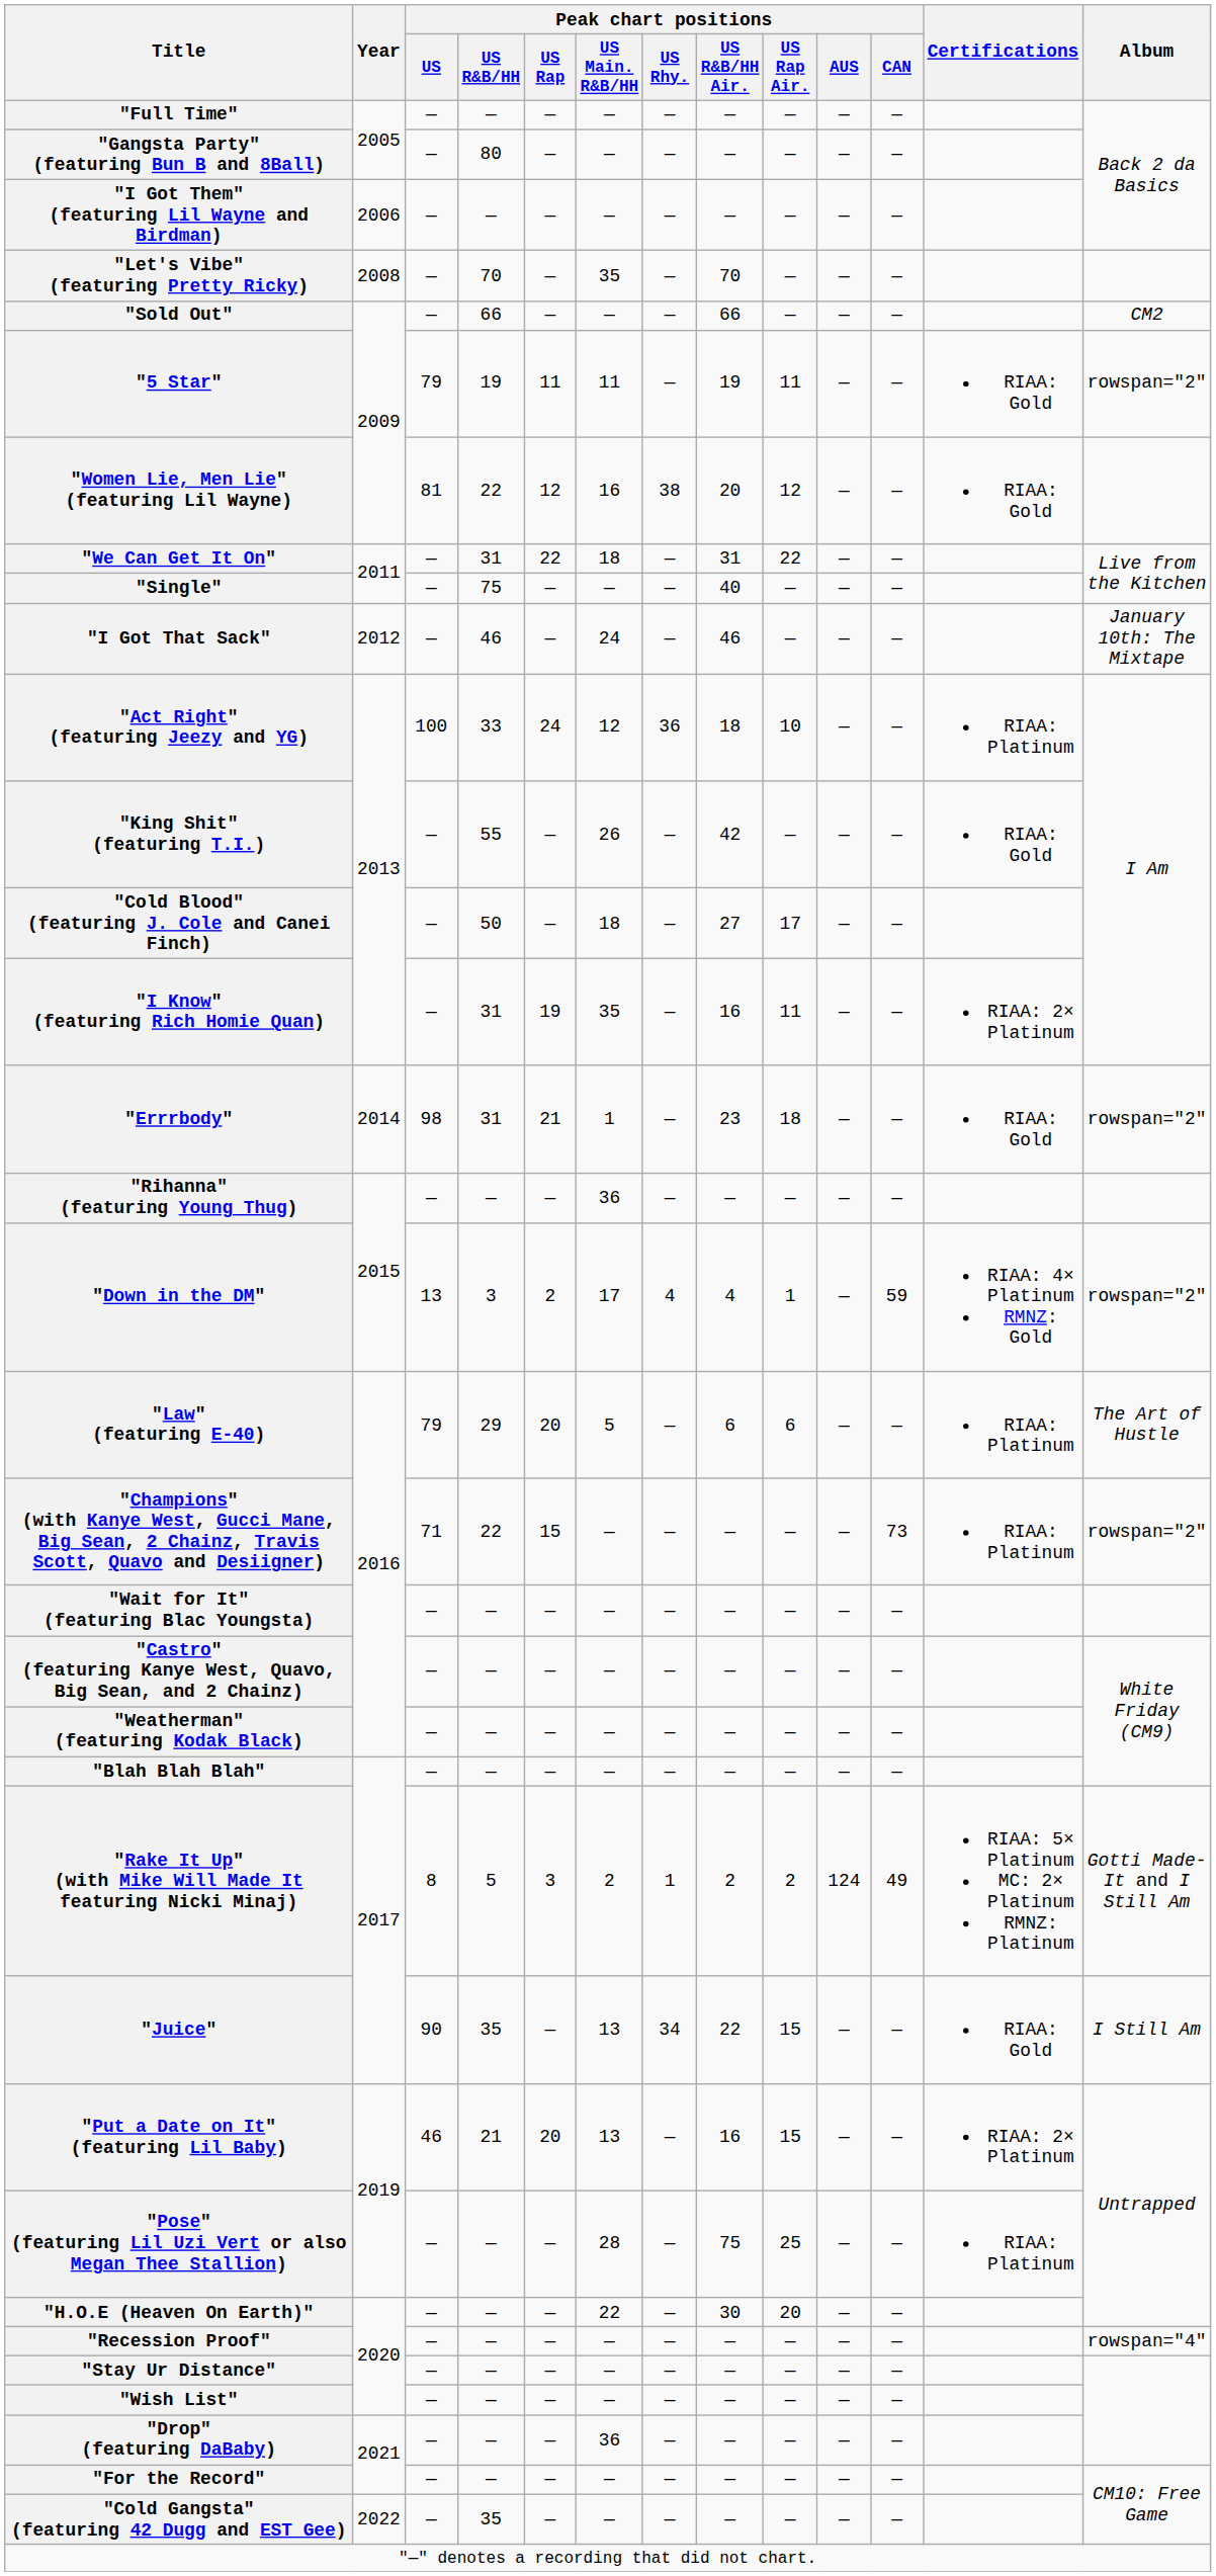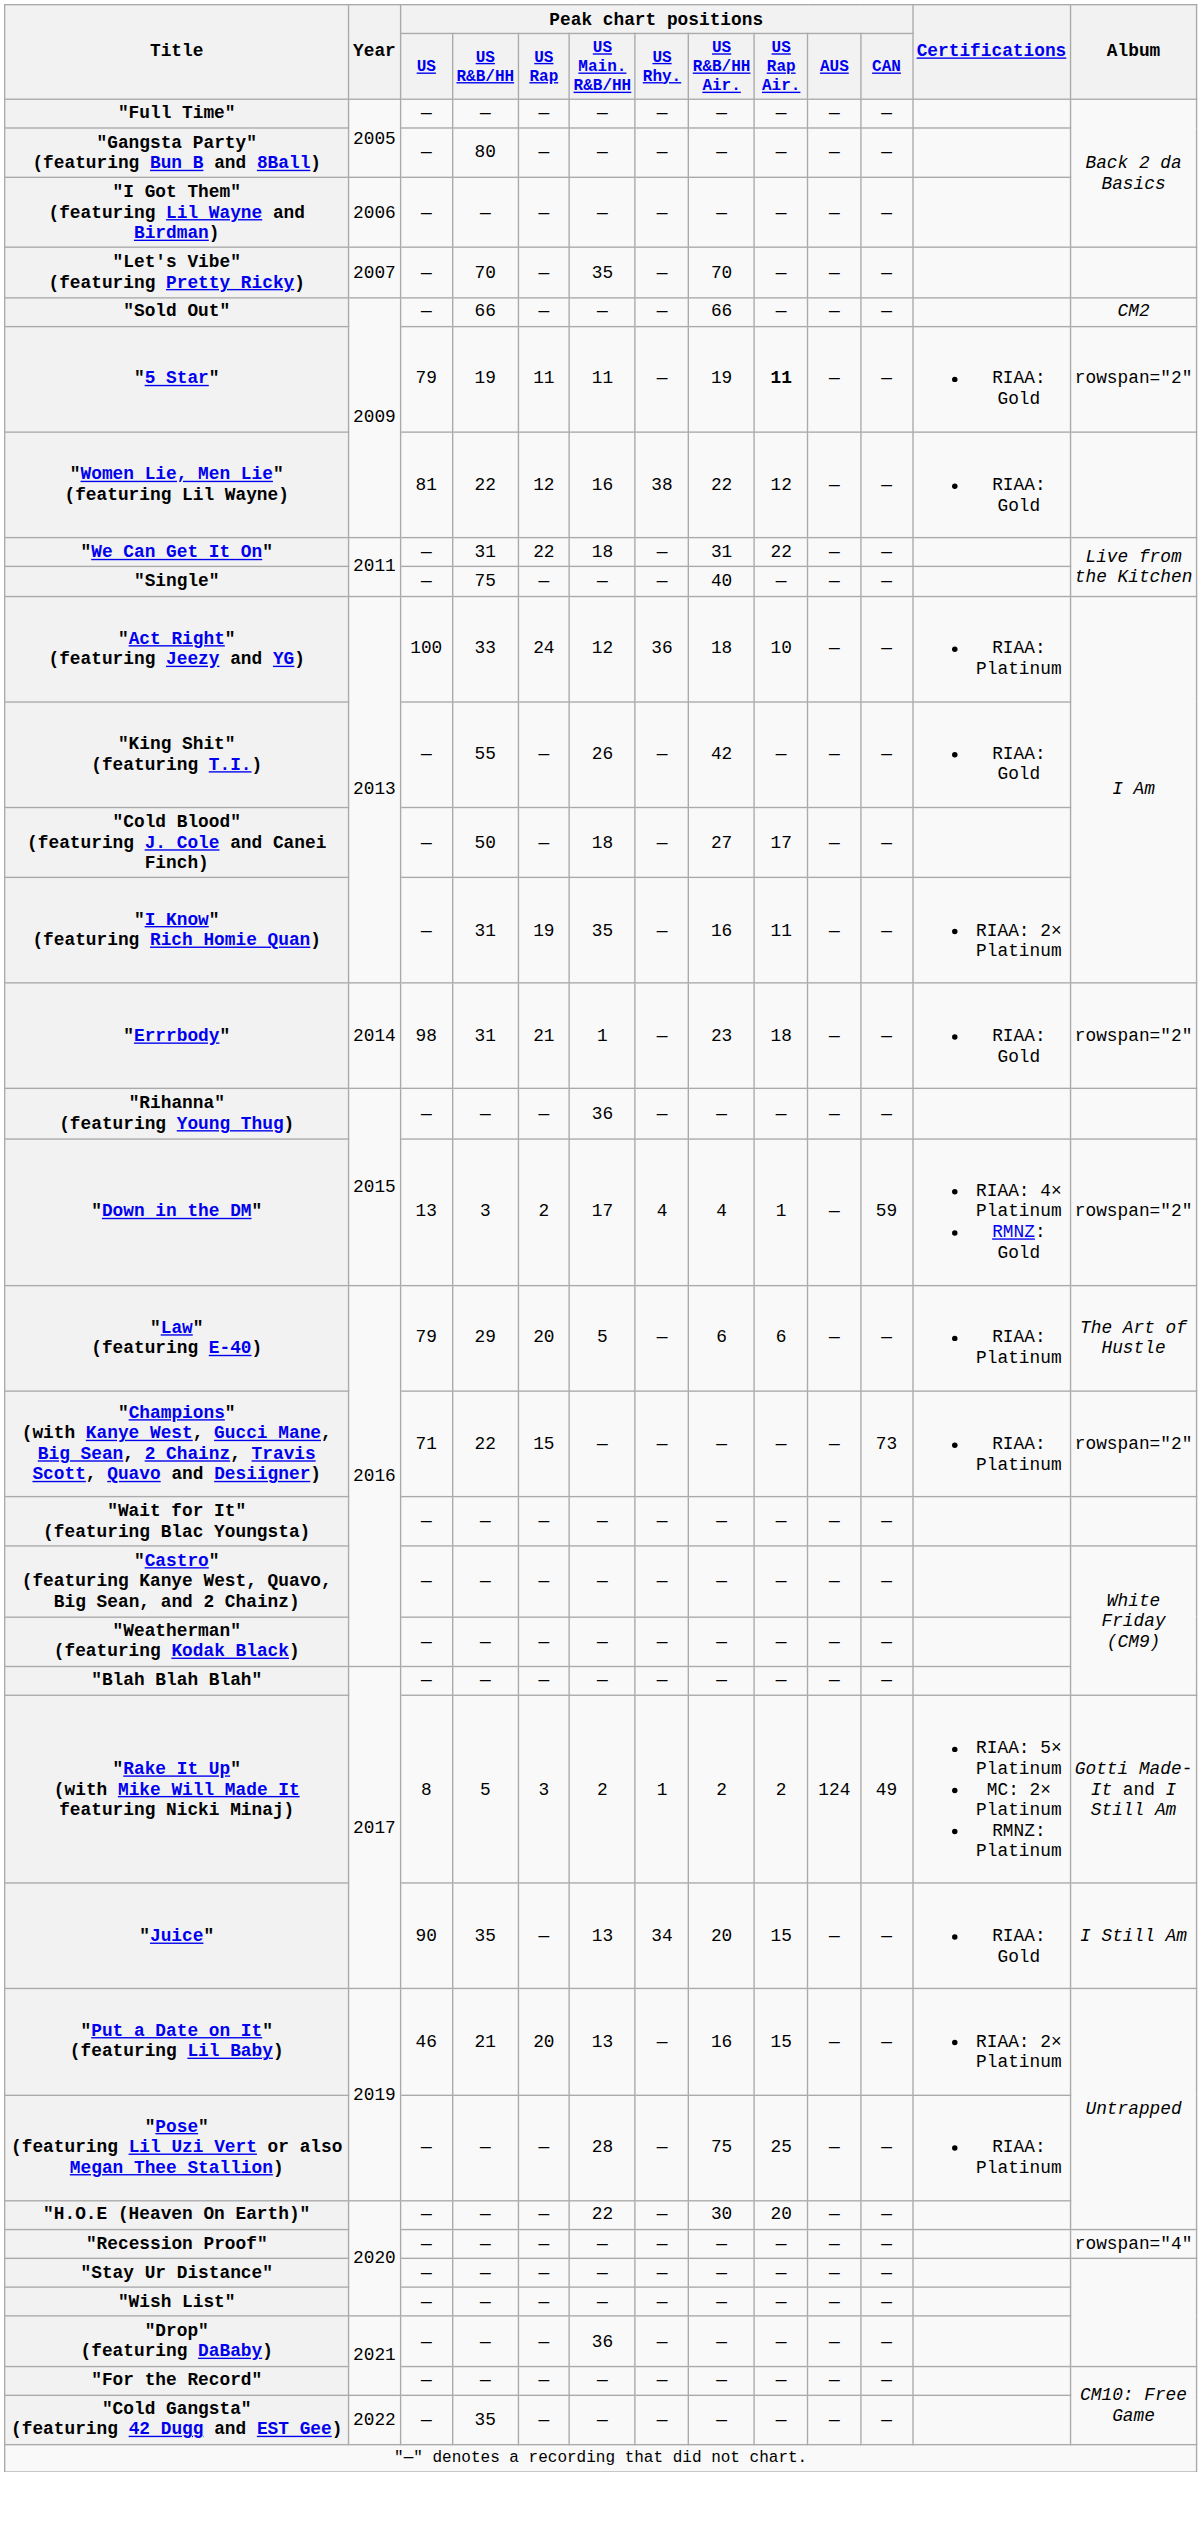 <table class="wikitable plainrowheaders" style="text-align:center;">
 <tr>
 <th scope="col" rowspan="2" style="width:22em;">Title</th>
 <th scope="col" rowspan="2">Year</th>
 <th scope="col" colspan="9">Peak chart positions</th>
 <th scope="col" rowspan="2"><a href='#'>Certifications</a></th>
 <th scope="col" rowspan="2">Album</th>
 </tr>
 <tr>
 <th scope="col" style="width:3em;font-size:90%;"><a href='#'>US</a><br></th>
 <th scope="col" style="width:3em;font-size:90%;"><a href='#'>US<br>R&B/HH</a><br></th>
 <th scope="col" style="width:3em;font-size:90%;"><a href='#'>US<br>Rap</a><br></th>
 <th scope="col" style="width:3em;font-size:90%;"><a href='#'>US<br>Main.<br>R&B/HH</a><br></th>
 <th scope="col" style="width:3em;font-size:90%;"><a href='#'>US<br>Rhy.</a><br></th>
 <th scope="col" style="width:3em;font-size:90%;"><a href='#'>US<br>R&B/HH<br>Air.</a><br></th>
 <th scope="col" style="width:3em;font-size:90%;"><a href='#'>US<br>Rap<br>Air.</a><br></th>
 <th scope="col" style="width:3em;font-size:90%;"><a href='#'>AUS</a><br></th>
 <th scope="col" style="width:3em;font-size:90%;"><a href='#'>CAN</a><br></th>
 </tr>
 <tr>
 <th scope="row">"Full Time"</th>
 <td rowspan="2">2005</td>
 <td>—</td>
 <td>—</td>
 <td>—</td>
 <td>—</td>
 <td>—</td>
 <td>—</td>
 <td>—</td>
 <td>—</td>
 <td>—</td>
 <td></td>
 <td rowspan="3"><em>Back 2 da Basics</em></td>
 </tr>
 <tr>
 <th scope="row">"Gangsta Party"<br><span>(featuring <a href='#'>Bun B</a> and <a href='#'>8Ball</a>)</span></th>
 <td>—</td>
 <td>80</td>
 <td>—</td>
 <td>—</td>
 <td>—</td>
 <td>—</td>
 <td>—</td>
 <td>—</td>
 <td>—</td>
 <td></td>
 </tr>
 <tr>
 <th scope="row">"I Got Them"<br><span>(featuring <a href='#'>Lil Wayne</a> and <a href='#'>Birdman</a>)</span></th>
 <td>2006</td>
 <td>—</td>
 <td>—</td>
 <td>—</td>
 <td>—</td>
 <td>—</td>
 <td>—</td>
 <td>—</td>
 <td>—</td>
 <td>—</td>
 <td></td>
 </tr>
 <tr>
 <th scope="row">"Let's Vibe"<br><span>(featuring <a href='#'>Pretty Ricky</a>)</span></th>
-<td>2008</td>
+<td>2007</td>
 <td>—</td>
 <td>70</td>
 <td>—</td>
 <td>35</td>
 <td>—</td>
 <td>70</td>
 <td>—</td>
 <td>—</td>
 <td>—</td>
 <td></td>
 <td></td>
 </tr>
 <tr>
 <th scope="row">"Sold Out"</th>
 <td rowspan="3">2009</td>
 <td>—</td>
 <td>66</td>
 <td>—</td>
 <td>—</td>
 <td>—</td>
 <td>66</td>
 <td>—</td>
 <td>—</td>
 <td>—</td>
 <td></td>
 <td><em>CM2</em></td>
 </tr>
 <tr>
 <th scope="row">"<a href='#'>5 Star</a>"</th>
 <td>79</td>
 <td>19</td>
 <td>11</td>
 <td>11</td>
 <td>—</td>
 <td>19</td>
-<td>11</td>
+<td><strong>11</strong></td>
 <td>—</td>
 <td>—</td>
 <td><br><ul><li>RIAA: Gold</li></ul></td>
 <td>rowspan="2" </td>
 </tr>
 <tr>
 <th scope="row">"<a href='#'>Women Lie, Men Lie</a>"<br><span>(featuring Lil Wayne)</span></th>
 <td>81</td>
 <td>22</td>
 <td>12</td>
 <td>16</td>
 <td>38</td>
-<td>20</td>
+<td>22</td>
 <td>12</td>
 <td>—</td>
 <td>—</td>
 <td><br><ul><li>RIAA: Gold</li></ul></td>
 </tr>
 <tr>
 <th scope="row">"<a href='#'>We Can Get It On</a>"</th>
 <td rowspan="2">2011</td>
 <td>—</td>
 <td>31</td>
 <td>22</td>
 <td>18</td>
 <td>—</td>
 <td>31</td>
 <td>22</td>
 <td>—</td>
 <td>—</td>
 <td></td>
 <td rowspan="2"><em>Live from the Kitchen</em></td>
 </tr>
 <tr>
 <th scope="row">"Single"</th>
 <td>—</td>
 <td>75</td>
 <td>—</td>
 <td>—</td>
 <td>—</td>
 <td>40</td>
 <td>—</td>
 <td>—</td>
 <td>—</td>
 <td></td>
-</tr>
-<tr>
-<th scope="row">"I Got That Sack"</th>
-<td>2012</td>
-<td>—</td>
-<td>46</td>
-<td>—</td>
-<td>24</td>
-<td>—</td>
-<td>46</td>
-<td>—</td>
-<td>—</td>
-<td>—</td>
-<td></td>
-<td><em>January 10th: The Mixtape</em></td>
 </tr>
 <tr>
 <th scope="row">"<a href='#'>Act Right</a>"<br><span>(featuring <a href='#'>Jeezy</a> and <a href='#'>YG</a>)</span></th>
 <td rowspan="4">2013</td>
 <td>100</td>
 <td>33</td>
 <td>24</td>
 <td>12</td>
 <td>36</td>
 <td>18</td>
 <td>10</td>
 <td>—</td>
 <td>—</td>
 <td><br><ul><li>RIAA: Platinum</li></ul></td>
 <td rowspan="4"><em>I Am</em></td>
 </tr>
 <tr>
 <th scope="row">"King Shit"<br><span>(featuring <a href='#'>T.I.</a>)</span></th>
 <td>—</td>
 <td>55</td>
 <td>—</td>
 <td>26</td>
 <td>—</td>
 <td>42</td>
 <td>—</td>
 <td>—</td>
 <td>—</td>
 <td><br><ul><li>RIAA: Gold</li></ul></td>
 </tr>
 <tr>
 <th scope="row">"Cold Blood"<br><span>(featuring <a href='#'>J. Cole</a> and Canei Finch)</span></th>
 <td>—</td>
 <td>50</td>
 <td>—</td>
 <td>18</td>
 <td>—</td>
 <td>27</td>
 <td>17</td>
 <td>—</td>
 <td>—</td>
 <td></td>
 </tr>
 <tr>
 <th scope="row">"<a href='#'>I Know</a>"<br><span>(featuring <a href='#'>Rich Homie Quan</a>)</span></th>
 <td>—</td>
 <td>31</td>
 <td>19</td>
 <td>35</td>
 <td>—</td>
 <td>16</td>
 <td>11</td>
 <td>—</td>
 <td>—</td>
 <td><br><ul><li>RIAA: 2× Platinum</li></ul></td>
 </tr>
 <tr>
 <th scope="row">"<a href='#'>Errrbody</a>"</th>
 <td>2014</td>
 <td>98</td>
 <td>31</td>
 <td>21</td>
 <td>1</td>
 <td>—</td>
 <td>23</td>
 <td>18</td>
 <td>—</td>
 <td>—</td>
 <td><br><ul><li>RIAA: Gold</li></ul></td>
 <td>rowspan="2" </td>
 </tr>
 <tr>
 <th scope="row">"Rihanna"<br><span>(featuring <a href='#'>Young Thug</a>)</span></th>
 <td rowspan="2">2015</td>
 <td>—</td>
 <td>—</td>
 <td>—</td>
 <td>36</td>
 <td>—</td>
 <td>—</td>
 <td>—</td>
 <td>—</td>
 <td>—</td>
 <td></td>
 </tr>
 <tr>
 <th scope="row">"<a href='#'>Down in the DM</a>"<br></th>
 <td>13</td>
 <td>3</td>
 <td>2</td>
 <td>17</td>
 <td>4</td>
 <td>4</td>
 <td>1</td>
 <td>—</td>
 <td>59</td>
 <td><br><ul><li>RIAA: 4× Platinum</li><li><a href='#'>RMNZ</a>: Gold</li></ul></td>
 <td>rowspan="2" </td>
 </tr>
 <tr>
 <th scope="row">"<a href='#'>Law</a>"<br><span>(featuring <a href='#'>E-40</a>)</span></th>
 <td rowspan="5">2016</td>
 <td>79</td>
 <td>29</td>
 <td>20</td>
 <td>5</td>
 <td>—</td>
 <td>6</td>
 <td>6</td>
 <td>—</td>
 <td>—</td>
 <td><br><ul><li>RIAA: Platinum</li></ul></td>
 <td><em>The Art of Hustle</em></td>
 </tr>
 <tr>
 <th scope="row">"<a href='#'>Champions</a>"<br><span>(with <a href='#'>Kanye West</a>, <a href='#'>Gucci Mane</a>, <a href='#'>Big Sean</a>, <a href='#'>2 Chainz</a>, <a href='#'>Travis Scott</a>, <a href='#'>Quavo</a> and <a href='#'>Desiigner</a>)</span></th>
 <td>71</td>
 <td>22</td>
 <td>15</td>
 <td>—</td>
 <td>—</td>
 <td>—</td>
 <td>—</td>
 <td>—</td>
 <td>73</td>
 <td><br><ul><li>RIAA: Platinum</li></ul></td>
 <td>rowspan="2" </td>
 </tr>
 <tr>
 <th scope="row">"Wait for It"<br><span>(featuring Blac Youngsta)</span></th>
 <td>—</td>
 <td>—</td>
 <td>—</td>
 <td>—</td>
 <td>—</td>
 <td>—</td>
 <td>—</td>
 <td>—</td>
 <td>—</td>
 <td></td>
 </tr>
 <tr>
 <th scope="row">"<a href='#'>Castro</a>"<br><span>(featuring Kanye West, Quavo, Big Sean, and 2 Chainz)</span></th>
 <td>—</td>
 <td>—</td>
 <td>—</td>
 <td>—</td>
 <td>—</td>
 <td>—</td>
 <td>—</td>
 <td>—</td>
 <td>—</td>
 <td></td>
 <td rowspan="3"><em>White Friday (CM9)</em></td>
 </tr>
 <tr>
 <th scope="row">"Weatherman"<br><span>(featuring <a href='#'>Kodak Black</a>)</span></th>
 <td>—</td>
 <td>—</td>
 <td>—</td>
 <td>—</td>
 <td>—</td>
 <td>—</td>
 <td>—</td>
 <td>—</td>
 <td>—</td>
 <td></td>
 </tr>
 <tr>
 <th scope="row">"Blah Blah Blah"</th>
 <td rowspan="3">2017</td>
 <td>—</td>
 <td>—</td>
 <td>—</td>
 <td>—</td>
 <td>—</td>
 <td>—</td>
 <td>—</td>
 <td>—</td>
 <td>—</td>
 <td></td>
 </tr>
 <tr>
 <th scope="row">"<a href='#'>Rake It Up</a>"<br><span>(with <a href='#'>Mike Will Made It</a> featuring Nicki Minaj)</span></th>
 <td>8</td>
 <td>5</td>
 <td>3</td>
 <td>2</td>
 <td>1</td>
 <td>2</td>
 <td>2</td>
 <td>124</td>
 <td>49</td>
 <td><br><ul><li>RIAA: 5× Platinum</li><li>MC: 2× Platinum</li><li>RMNZ: Platinum</li></ul></td>
 <td><em>Gotti Made-It</em> and <em>I Still Am</em></td>
 </tr>
 <tr>
 <th scope="row">"<a href='#'>Juice</a>"</th>
 <td>90</td>
 <td>35</td>
 <td>—</td>
 <td>13</td>
 <td>34</td>
-<td>22</td>
+<td>20</td>
 <td>15</td>
 <td>—</td>
 <td>—</td>
 <td><br><ul><li>RIAA: Gold</li></ul></td>
 <td><em>I Still Am</em></td>
 </tr>
 <tr>
 <th scope="row">"<a href='#'>Put a Date on It</a>"<br><span>(featuring <a href='#'>Lil Baby</a>)</span></th>
 <td rowspan="2">2019</td>
 <td>46</td>
 <td>21</td>
 <td>20</td>
 <td>13</td>
 <td>—</td>
 <td>16</td>
 <td>15</td>
 <td>—</td>
 <td>—</td>
 <td><br><ul><li>RIAA: 2× Platinum</li></ul></td>
 <td rowspan="3"><em>Untrapped</em></td>
 </tr>
 <tr>
 <th scope="row">"<a href='#'>Pose</a>"<br><span>(featuring <a href='#'>Lil Uzi Vert</a> or also <a href='#'>Megan Thee Stallion</a>)</span></th>
 <td>—</td>
 <td>—</td>
 <td>—</td>
 <td>28</td>
 <td>—</td>
 <td>75</td>
 <td>25</td>
 <td>—</td>
 <td>—</td>
 <td><br><ul><li>RIAA: Platinum</li></ul></td>
 </tr>
 <tr>
 <th scope="row">"H.O.E (Heaven On Earth)"</th>
 <td rowspan="4">2020</td>
 <td>—</td>
 <td>—</td>
 <td>—</td>
 <td>22</td>
 <td>—</td>
 <td>30</td>
 <td>20</td>
 <td>—</td>
 <td>—</td>
 <td></td>
 </tr>
 <tr>
 <th scope="row">"Recession Proof"</th>
 <td>—</td>
 <td>—</td>
 <td>—</td>
 <td>—</td>
 <td>—</td>
 <td>—</td>
 <td>—</td>
 <td>—</td>
 <td>—</td>
 <td></td>
 <td>rowspan="4" </td>
 </tr>
 <tr>
 <th scope="row">"Stay Ur Distance"</th>
 <td>—</td>
 <td>—</td>
 <td>—</td>
 <td>—</td>
 <td>—</td>
 <td>—</td>
 <td>—</td>
 <td>—</td>
 <td>—</td>
 <td></td>
 </tr>
 <tr>
 <th scope="row">"Wish List"</th>
 <td>—</td>
 <td>—</td>
 <td>—</td>
 <td>—</td>
 <td>—</td>
 <td>—</td>
 <td>—</td>
 <td>—</td>
 <td>—</td>
 <td></td>
 </tr>
 <tr>
 <th scope="row">"Drop"<br><span>(featuring <a href='#'>DaBaby</a>)</span></th>
 <td rowspan="2">2021</td>
 <td>—</td>
 <td>—</td>
 <td>—</td>
 <td>36</td>
 <td>—</td>
 <td>—</td>
 <td>—</td>
 <td>—</td>
 <td>—</td>
 <td></td>
 </tr>
 <tr>
 <th scope="row">"For the Record"</th>
 <td>—</td>
 <td>—</td>
 <td>—</td>
 <td>—</td>
 <td>—</td>
 <td>—</td>
 <td>—</td>
 <td>—</td>
 <td>—</td>
 <td></td>
 <td rowspan="2"><em>CM10: Free Game</em></td>
 </tr>
 <tr>
 <th scope="row">"Cold Gangsta"<br><span>(featuring <a href='#'>42 Dugg</a> and <a href='#'>EST Gee</a>)</span></th>
 <td>2022</td>
 <td>—</td>
 <td>35</td>
 <td>—</td>
 <td>—</td>
 <td>—</td>
 <td>—</td>
 <td>—</td>
 <td>—</td>
 <td>—</td>
 <td></td>
 </tr>
 <tr>
 <td colspan="13" style="font-size:90%">"—" denotes a recording that did not chart.</td>
 </tr>
 </table>
